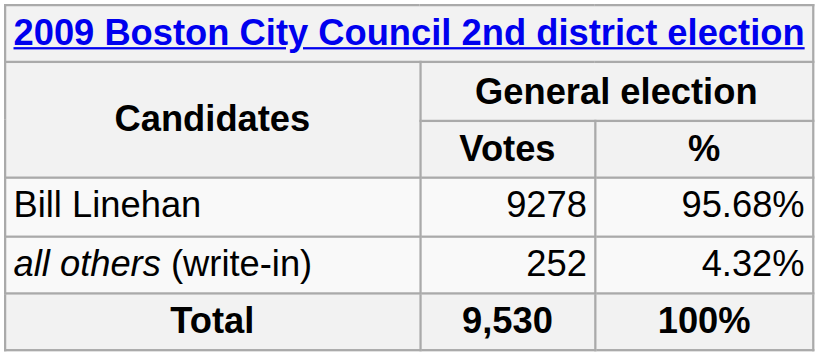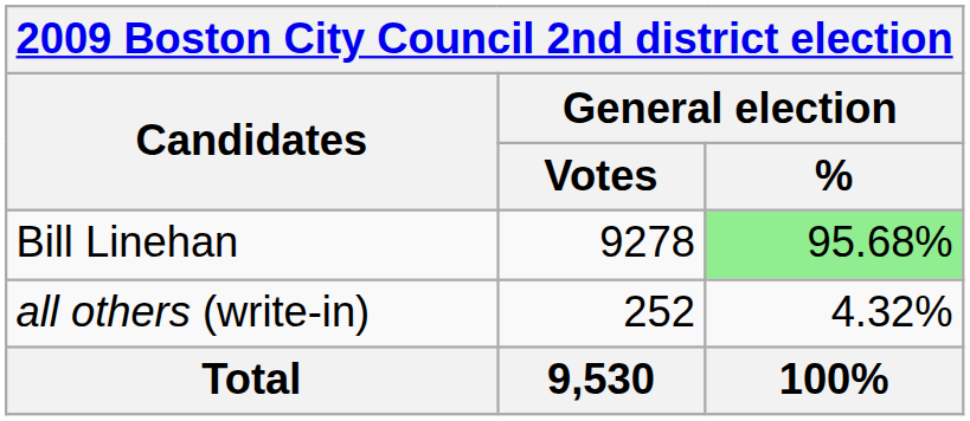 <table class=wikitable>
 <tr>
 <th colspan=3><a href='#'>2009 Boston City Council 2nd district election</a></th>
 </tr>
 <tr>
 <th colspan=1 rowspan=2><strong>Candidates</strong></th>
 <th colspan=2><strong>General election</strong></th>
 </tr>
 <tr>
 <th>Votes</th>
 <th>%</th>
 </tr>
 <tr>
 <td>Bill Linehan</td>
 <td align="right">9278</td>
-<td align="right">95.68%</td>
+<td align="right" style="background: lightgreen;">95.68%</td>
 </tr>
 <tr>
 <td><em>all others</em> (write-in)</td>
 <td align="right">252</td>
 <td align="right">4.32%</td>
 </tr>
 <tr>
 <th><strong>Total</strong></th>
 <th align="right"><strong>9,530</strong></th>
 <th align="right"><strong>100%</strong></th>
 </tr>
 </table>
